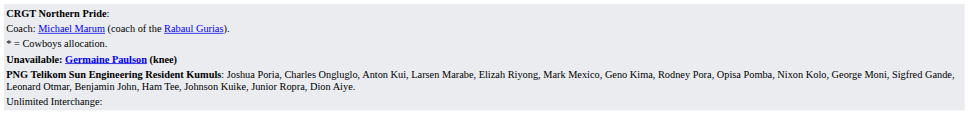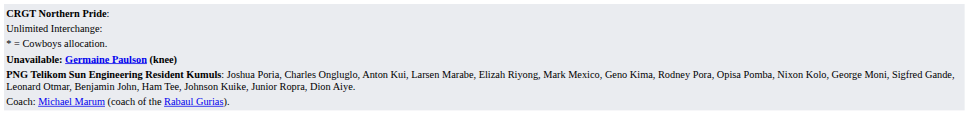 <table style="background:#eaecf0; font-size:85%; width:100%;">
 <tr>
 </tr>
 <tr>
 <td><strong>CRGT Northern Pride</strong>:             </td>
 </tr>
 <tr>
-<td>Coach:  <a href='#'>Michael Marum</a> (coach of the <a href='#'>Rabaul Gurias</a>).</td>
+<td>Unlimited Interchange:         </td>
 </tr>
 <tr>
 <td>* = Cowboys allocation.</td>
 </tr>
 <tr>
 <td><strong>Unavailable: <a href='#'>Germaine Paulson</a> (knee)</strong></td>
 </tr>
 <tr>
 <td><strong>PNG Telikom Sun Engineering Resident Kumuls</strong>: Joshua Poria, Charles Ongluglo, Anton Kui, Larsen Marabe, Elizah Riyong, Mark Mexico, Geno Kima, Rodney Pora, Opisa Pomba, Nixon Kolo, George Moni, Sigfred Gande, Leonard Otmar, Benjamin John, Ham Tee, Johnson Kuike, Junior Ropra, Dion Aiye.</td>
 </tr>
 <tr>
-<td>Unlimited Interchange:         </td>
+<td>Coach:  <a href='#'>Michael Marum</a> (coach of the <a href='#'>Rabaul Gurias</a>).</td>
 </tr>
 </table>
